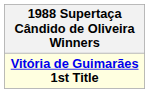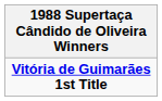 <table class="wikitable" style="text-align: center; margin: 0 auto; width: 20%">
 <tr>
 <th>1988 Supertaça Cândido de Oliveira Winners</th>
 </tr>
 <tr>
-<td style="background: lightyellow;"><strong><a href='#'>Vitória de Guimarães</a></strong><br><strong>1st Title</strong></td>
+<td><strong><a href='#'>Vitória de Guimarães</a></strong><br><strong>1st Title</strong></td>
 </tr>
 </table>
